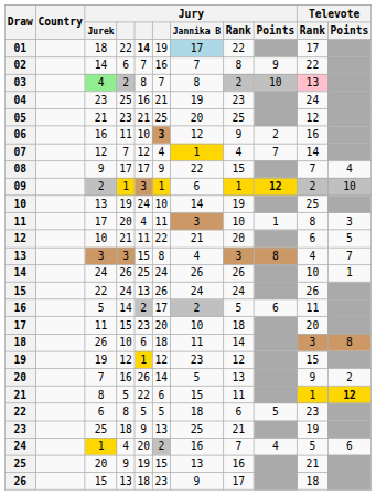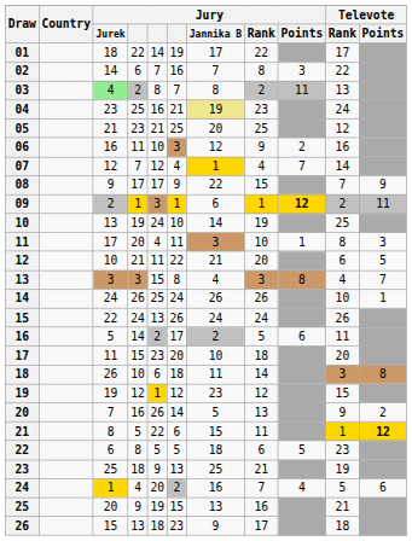 <table class="sortable wikitable collapsible plainrowheaders" style="text-align:center;">
 <tr>
 </tr>
 <tr>
 <th scope="col" rowspan="2">Draw</th>
 <th scope="col" rowspan="2">Country</th>
 <th scope="col" colspan="7">Jury</th>
 <th scope="col" colspan="2">Televote</th>
 </tr>
 <tr>
 <th scope="col"><small>Jurek</small></th>
 <th scope="col"><small></small></th>
 <th scope="col"><small></small></th>
 <th scope="col"><small></small></th>
 <th scope="col"><small>Jannika B</small></th>
 <th scope="col">Rank</th>
 <th scope="col">Points</th>
 <th scope="col">Rank</th>
 <th scope="col">Points</th>
 </tr>
 <tr>
 <th scope="row" style="text-align:center;">01</th>
 <td style="text-align:left;"></td>
 <td>18</td>
 <td>22</td>
-<td><strong>14</strong></td>
+<td>14</td>
 <td>19</td>
-<td style="background: lightblue;">17</td>
+<td>17</td>
 <td>22</td>
 <td style="background:#AAAAAA;"></td>
 <td>17</td>
 <td style="background:#AAAAAA;"></td>
 </tr>
 <tr>
 <th scope="row" style="text-align:center;">02</th>
 <td style="text-align:left;"></td>
 <td>14</td>
 <td>6</td>
 <td>7</td>
 <td>16</td>
 <td>7</td>
 <td>8</td>
-<td>9</td>
+<td>3</td>
 <td>22</td>
 <td style="background:#AAAAAA;"></td>
 </tr>
 <tr>
 <th scope="row" style="text-align:center;">03</th>
 <td style="text-align:left;"></td>
 <td style="background: lightgreen;">4</td>
 <td style="background:silver;">2</td>
 <td>8</td>
 <td>7</td>
 <td>8</td>
 <td style="background:silver;">2</td>
-<td style="background:silver;">10</td>
-<td style="background: pink;">13</td>
+<td style="background:silver;">11</td>
+<td>13</td>
 <td style="background:#AAAAAA;"></td>
 </tr>
 <tr>
 <th scope="row" style="text-align:center;">04</th>
 <td style="text-align:left;"></td>
 <td>23</td>
 <td>25</td>
 <td>16</td>
 <td>21</td>
-<td>19</td>
+<td style="background: khaki;">19</td>
 <td>23</td>
 <td style="background:#AAAAAA;"></td>
 <td>24</td>
 <td style="background:#AAAAAA;"></td>
 </tr>
 <tr>
 <th scope="row" style="text-align:center;">05</th>
 <td style="text-align:left;"></td>
 <td>21</td>
 <td>23</td>
 <td>21</td>
 <td>25</td>
 <td>20</td>
 <td>25</td>
 <td style="background:#AAAAAA;"></td>
 <td>12</td>
 <td style="background:#AAAAAA;"></td>
 </tr>
 <tr>
 <th scope="row" style="text-align:center;">06</th>
 <td style="text-align:left;"></td>
 <td>16</td>
 <td>11</td>
 <td>10</td>
-<td style="background:#CC9966;"><strong>3</strong></td>
+<td style="background:#CC9966;">3</td>
 <td>12</td>
 <td>9</td>
 <td>2</td>
 <td>16</td>
 <td style="background:#AAAAAA;"></td>
 </tr>
 <tr>
 <th scope="row" style="text-align:center;">07</th>
 <td style="text-align:left;"></td>
 <td>12</td>
 <td>7</td>
 <td>12</td>
 <td>4</td>
 <td style="background:gold;">1</td>
 <td>4</td>
 <td>7</td>
 <td>14</td>
 <td style="background:#AAAAAA;"></td>
 </tr>
 <tr>
 <th scope="row" style="text-align:center;">08</th>
 <td style="text-align:left;"></td>
 <td>9</td>
 <td>17</td>
 <td>17</td>
 <td>9</td>
 <td>22</td>
 <td>15</td>
 <td style="background:#AAAAAA;"></td>
 <td>7</td>
-<td>4</td>
+<td>9</td>
 </tr>
 <tr>
 <th scope="row" style="text-align:center;">09</th>
 <td style="text-align:left;"></td>
 <td style="background:silver;">2</td>
 <td style="background:gold;">1</td>
 <td style="background:#CC9966;">3</td>
 <td style="background:gold;">1</td>
 <td>6</td>
 <td style="background:gold;">1</td>
 <td style="background:gold;"><strong>12</strong></td>
 <td style="background:silver;">2</td>
-<td style="background:silver;">10</td>
+<td style="background:silver;">11</td>
 </tr>
 <tr>
 <th scope="row" style="text-align:center;">10</th>
 <td style="text-align:left;"></td>
 <td>13</td>
 <td>19</td>
 <td>24</td>
 <td>10</td>
 <td>14</td>
 <td>19</td>
 <td style="background:#AAAAAA;"></td>
 <td>25</td>
 <td style="background:#AAAAAA;"></td>
 </tr>
 <tr>
 <th scope="row" style="text-align:center;">11</th>
 <td style="text-align:left;"></td>
 <td>17</td>
 <td>20</td>
 <td>4</td>
 <td>11</td>
 <td style="background:#CC9966;">3</td>
 <td>10</td>
 <td>1</td>
 <td>8</td>
 <td>3</td>
 </tr>
 <tr>
 <th scope="row" style="text-align:center;">12</th>
 <td style="text-align:left;"></td>
 <td>10</td>
 <td>21</td>
 <td>11</td>
 <td>22</td>
 <td>21</td>
 <td>20</td>
 <td style="background:#AAAAAA;"></td>
 <td>6</td>
 <td>5</td>
 </tr>
 <tr>
 <th scope="row" style="text-align:center;">13</th>
 <td style="text-align:left;"></td>
 <td style="background:#CC9966;">3</td>
 <td style="background:#CC9966;">3</td>
 <td>15</td>
 <td>8</td>
 <td>4</td>
 <td style="background:#CC9966;">3</td>
 <td style="background:#CC9966;">8</td>
 <td>4</td>
 <td>7</td>
 </tr>
 <tr>
 <th scope="row" style="text-align:center;">14</th>
 <td style="text-align:left;"></td>
 <td>24</td>
 <td>26</td>
 <td>25</td>
 <td>24</td>
 <td>26</td>
 <td>26</td>
 <td style="background:#AAAAAA;"></td>
 <td>10</td>
 <td>1</td>
 </tr>
 <tr>
 <th scope="row" style="text-align:center;">15</th>
 <td style="text-align:left;"></td>
 <td>22</td>
 <td>24</td>
 <td>13</td>
 <td>26</td>
 <td>24</td>
 <td>24</td>
 <td style="background:#AAAAAA;"></td>
 <td>26</td>
 <td style="background:#AAAAAA;"></td>
 </tr>
 <tr>
 <th scope="row" style="text-align:center;">16</th>
 <td style="text-align:left;"></td>
 <td>5</td>
 <td>14</td>
 <td style="background:silver;">2</td>
 <td>17</td>
 <td style="background:silver;">2</td>
 <td>5</td>
 <td>6</td>
 <td>11</td>
 <td style="background:#AAAAAA;"></td>
 </tr>
 <tr>
 <th scope="row" style="text-align:center;">17</th>
 <td style="text-align:left;"></td>
 <td>11</td>
 <td>15</td>
 <td>23</td>
 <td>20</td>
 <td>10</td>
 <td>18</td>
 <td style="background:#AAAAAA;"></td>
 <td>20</td>
 <td style="background:#AAAAAA;"></td>
 </tr>
 <tr>
 <th scope="row" style="text-align:center;">18</th>
 <td style="text-align:left;"></td>
 <td>26</td>
 <td>10</td>
 <td>6</td>
 <td>18</td>
 <td>11</td>
 <td>14</td>
 <td style="background:#AAAAAA;"></td>
 <td style="background:#CC9966;">3</td>
 <td style="background:#CC9966;">8</td>
 </tr>
 <tr>
 <th scope="row" style="text-align:center;">19</th>
 <td style="text-align:left;"></td>
 <td>19</td>
 <td>12</td>
 <td style="background:gold;">1</td>
 <td>12</td>
 <td>23</td>
 <td>12</td>
 <td style="background:#AAAAAA;"></td>
 <td>15</td>
 <td style="background:#AAAAAA;"></td>
 </tr>
 <tr>
 <th scope="row" style="text-align:center;">20</th>
 <td style="text-align:left;"></td>
 <td>7</td>
 <td>16</td>
 <td>26</td>
 <td>14</td>
 <td>5</td>
 <td>13</td>
 <td style="background:#AAAAAA;"></td>
 <td>9</td>
 <td>2</td>
 </tr>
 <tr>
 <th scope="row" style="text-align:center;">21</th>
 <td style="text-align:left;"></td>
 <td>8</td>
 <td>5</td>
 <td>22</td>
 <td>6</td>
 <td>15</td>
 <td>11</td>
 <td style="background:#AAAAAA;"></td>
 <td style="background:gold;">1</td>
 <td style="background:gold;"><strong>12</strong></td>
 </tr>
 <tr>
 <th scope="row" style="text-align:center;">22</th>
 <td style="text-align:left;"></td>
 <td>6</td>
 <td>8</td>
 <td>5</td>
 <td>5</td>
 <td>18</td>
 <td>6</td>
 <td>5</td>
 <td>23</td>
 <td style="background:#AAAAAA;"></td>
 </tr>
 <tr>
 <th scope="row" style="text-align:center;">23</th>
 <td style="text-align:left;"></td>
 <td>25</td>
 <td>18</td>
 <td>9</td>
 <td>13</td>
 <td>25</td>
 <td>21</td>
 <td style="background:#AAAAAA;"></td>
 <td>19</td>
 <td style="background:#AAAAAA;"></td>
 </tr>
 <tr>
 <th scope="row" style="text-align:center;">24</th>
 <td style="text-align:left;"></td>
 <td style="background:gold;">1</td>
 <td>4</td>
 <td>20</td>
 <td style="background:silver;">2</td>
 <td>16</td>
 <td>7</td>
 <td>4</td>
 <td>5</td>
 <td>6</td>
 </tr>
 <tr>
 <th scope="row" style="text-align:center;">25</th>
 <td style="text-align:left;"></td>
 <td>20</td>
 <td>9</td>
 <td>19</td>
 <td>15</td>
 <td>13</td>
 <td>16</td>
 <td style="background:#AAAAAA;"></td>
 <td>21</td>
 <td style="background:#AAAAAA;"></td>
 </tr>
 <tr>
 <th scope="row" style="text-align:center;">26</th>
 <td style="text-align:left;"></td>
 <td>15</td>
 <td>13</td>
 <td>18</td>
 <td>23</td>
 <td>9</td>
 <td>17</td>
 <td style="background:#AAAAAA;"></td>
 <td>18</td>
 <td style="background:#AAAAAA;"></td>
 </tr>
 </table>
